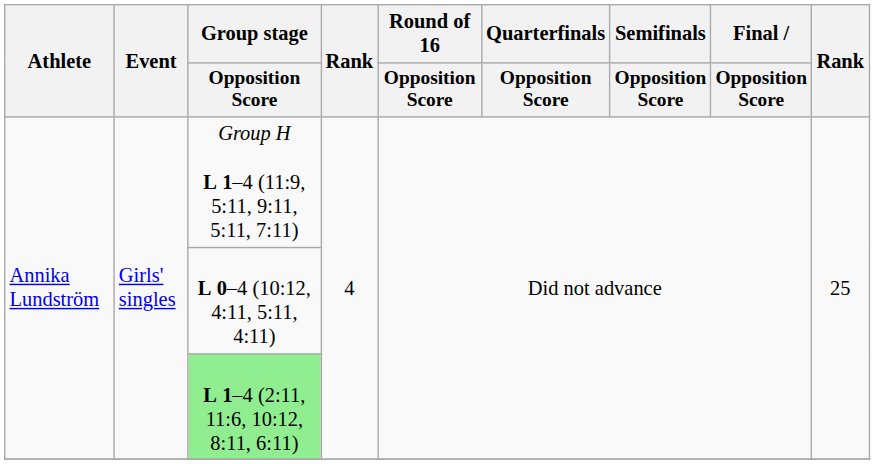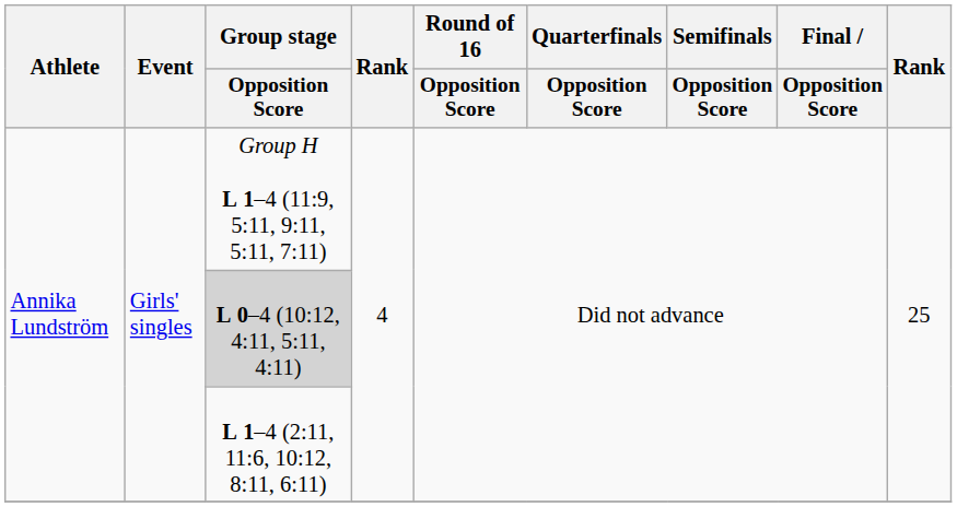 <table class=wikitable style="font-size:90%">
 <tr>
 <th rowspan="2">Athlete</th>
 <th rowspan="2">Event</th>
 <th>Group stage</th>
 <th rowspan="2">Rank</th>
 <th>Round of 16</th>
 <th>Quarterfinals</th>
 <th>Semifinals</th>
 <th>Final / </th>
 <th rowspan=2>Rank</th>
 </tr>
 <tr style="font-size:95%">
 <th>Opposition<br>Score</th>
 <th>Opposition<br>Score</th>
 <th>Opposition<br>Score</th>
 <th>Opposition<br>Score</th>
 <th>Opposition<br>Score</th>
 </tr>
 <tr align=center>
 <td align=left rowspan=3><a href='#'>Annika Lundström</a></td>
 <td align=left rowspan=3><a href='#'>Girls' singles</a></td>
 <td><em>Group H</em><br><br> <strong>L</strong> <strong>1</strong>–4 (11:9, 5:11, 9:11, 5:11, 7:11)</td>
 <td rowspan=3>4</td>
 <td rowspan=3 colspan=4>Did not advance</td>
 <td rowspan=3>25</td>
 </tr>
 <tr align=center>
-<td><br> <strong>L</strong> <strong>0</strong>–4 (10:12, 4:11, 5:11, 4:11)</td>
+<td style="background: lightgrey;"><br> <strong>L</strong> <strong>0</strong>–4 (10:12, 4:11, 5:11, 4:11)</td>
 </tr>
 <tr align=center>
-<td style="background: lightgreen;"><br> <strong>L</strong> <strong>1</strong>–4 (2:11, 11:6, 10:12, 8:11, 6:11)</td>
+<td><br> <strong>L</strong> <strong>1</strong>–4 (2:11, 11:6, 10:12, 8:11, 6:11)</td>
 </tr>
 <tr align=center>
 </tr>
 </table>
